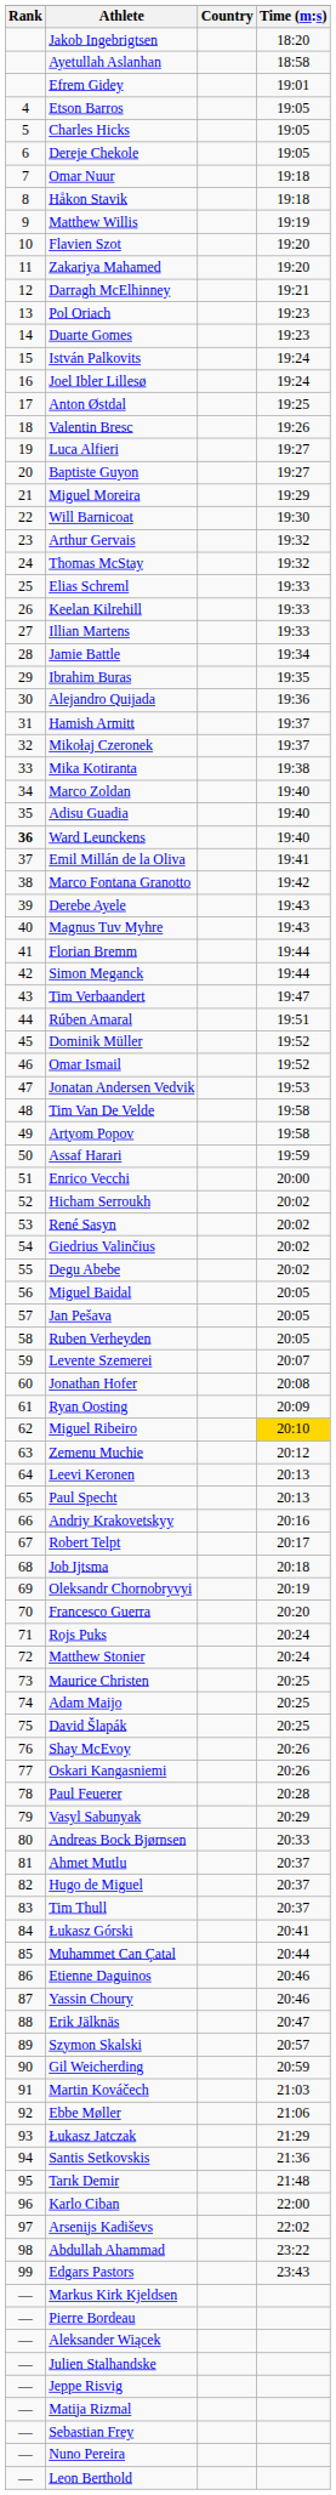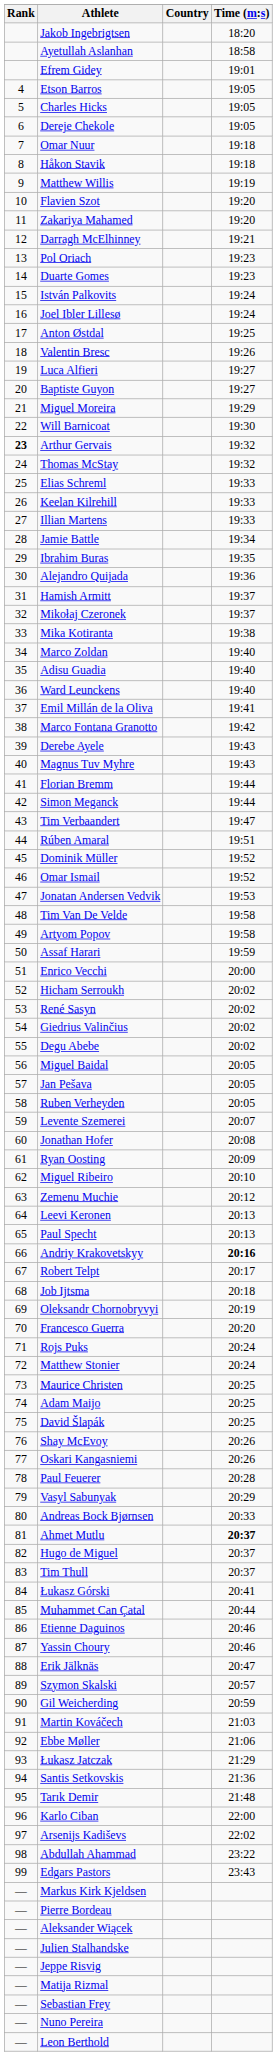 <table class="wikitable sortable" style="text-align:center;">
 <tr>
 </tr>
 <tr>
 <th>Rank</th>
 <th>Athlete</th>
 <th>Country</th>
 <th>Time (<a href='#'>m</a>:<a href='#'>s</a>)</th>
 </tr>
 <tr>
 <td></td>
 <td align=left><a href='#'>Jakob Ingebrigtsen</a></td>
 <td align=left></td>
 <td>18:20</td>
 </tr>
 <tr>
 <td></td>
 <td align=left><a href='#'>Ayetullah Aslanhan</a></td>
 <td align=left></td>
 <td>18:58</td>
 </tr>
 <tr>
 <td></td>
 <td align=left><a href='#'>Efrem Gidey</a></td>
 <td align=left></td>
 <td>19:01</td>
 </tr>
 <tr>
 <td>4</td>
 <td align=left><a href='#'>Etson Barros</a></td>
 <td align=left></td>
 <td>19:05</td>
 </tr>
 <tr>
 <td>5</td>
 <td align=left><a href='#'>Charles Hicks</a></td>
 <td align=left></td>
 <td>19:05</td>
 </tr>
 <tr>
 <td>6</td>
 <td align=left><a href='#'>Dereje Chekole</a></td>
 <td align=left></td>
 <td>19:05</td>
 </tr>
 <tr>
 <td>7</td>
 <td align=left><a href='#'>Omar Nuur</a></td>
 <td align=left></td>
 <td>19:18</td>
 </tr>
 <tr>
 <td>8</td>
 <td align=left><a href='#'>Håkon Stavik</a></td>
 <td align=left></td>
 <td>19:18</td>
 </tr>
 <tr>
 <td>9</td>
 <td align=left><a href='#'>Matthew Willis</a></td>
 <td align=left></td>
 <td>19:19</td>
 </tr>
 <tr>
 <td>10</td>
 <td align=left><a href='#'>Flavien Szot</a></td>
 <td align=left></td>
 <td>19:20</td>
 </tr>
 <tr>
 <td>11</td>
 <td align=left><a href='#'>Zakariya Mahamed</a></td>
 <td align=left></td>
 <td>19:20</td>
 </tr>
 <tr>
 <td>12</td>
 <td align=left><a href='#'>Darragh McElhinney</a></td>
 <td align=left></td>
 <td>19:21</td>
 </tr>
 <tr>
 <td>13</td>
 <td align=left><a href='#'>Pol Oriach</a></td>
 <td align=left></td>
 <td>19:23</td>
 </tr>
 <tr>
 <td>14</td>
 <td align=left><a href='#'>Duarte Gomes</a></td>
 <td align=left></td>
 <td>19:23</td>
 </tr>
 <tr>
 <td>15</td>
 <td align=left><a href='#'>István Palkovits</a></td>
 <td align=left></td>
 <td>19:24</td>
 </tr>
 <tr>
 <td>16</td>
 <td align=left><a href='#'>Joel Ibler Lillesø</a></td>
 <td align=left></td>
 <td>19:24</td>
 </tr>
 <tr>
 <td>17</td>
 <td align=left><a href='#'>Anton Østdal</a></td>
 <td align=left></td>
 <td>19:25</td>
 </tr>
 <tr>
 <td>18</td>
 <td align=left><a href='#'>Valentin Bresc</a></td>
 <td align=left></td>
 <td>19:26</td>
 </tr>
 <tr>
 <td>19</td>
 <td align=left><a href='#'>Luca Alfieri</a></td>
 <td align=left></td>
 <td>19:27</td>
 </tr>
 <tr>
 <td>20</td>
 <td align=left><a href='#'>Baptiste Guyon</a></td>
 <td align=left></td>
 <td>19:27</td>
 </tr>
 <tr>
 <td>21</td>
 <td align=left><a href='#'>Miguel Moreira</a></td>
 <td align=left></td>
 <td>19:29</td>
 </tr>
 <tr>
 <td>22</td>
 <td align=left><a href='#'>Will Barnicoat</a></td>
 <td align=left></td>
 <td>19:30</td>
 </tr>
 <tr>
-<td>23</td>
+<td><strong>23</strong></td>
 <td align=left><a href='#'>Arthur Gervais</a></td>
 <td align=left></td>
 <td>19:32</td>
 </tr>
 <tr>
 <td>24</td>
 <td align=left><a href='#'>Thomas McStay</a></td>
 <td align=left></td>
 <td>19:32</td>
 </tr>
 <tr>
 <td>25</td>
 <td align=left><a href='#'>Elias Schreml</a></td>
 <td align=left></td>
 <td>19:33</td>
 </tr>
 <tr>
 <td>26</td>
 <td align=left><a href='#'>Keelan Kilrehill</a></td>
 <td align=left></td>
 <td>19:33</td>
 </tr>
 <tr>
 <td>27</td>
 <td align=left><a href='#'>Illian Martens</a></td>
 <td align=left></td>
 <td>19:33</td>
 </tr>
 <tr>
 <td>28</td>
 <td align=left><a href='#'>Jamie Battle</a></td>
 <td align=left></td>
 <td>19:34</td>
 </tr>
 <tr>
 <td>29</td>
 <td align=left><a href='#'>Ibrahim Buras</a></td>
 <td align=left></td>
 <td>19:35</td>
 </tr>
 <tr>
 <td>30</td>
 <td align=left><a href='#'>Alejandro Quijada</a></td>
 <td align=left></td>
 <td>19:36</td>
 </tr>
 <tr>
 <td>31</td>
 <td align=left><a href='#'>Hamish Armitt</a></td>
 <td align=left></td>
 <td>19:37</td>
 </tr>
 <tr>
 <td>32</td>
 <td align=left><a href='#'>Mikołaj Czeronek</a></td>
 <td align=left></td>
 <td>19:37</td>
 </tr>
 <tr>
 <td>33</td>
 <td align=left><a href='#'>Mika Kotiranta</a></td>
 <td align=left></td>
 <td>19:38</td>
 </tr>
 <tr>
 <td>34</td>
 <td align=left><a href='#'>Marco Zoldan</a></td>
 <td align=left></td>
 <td>19:40</td>
 </tr>
 <tr>
 <td>35</td>
 <td align=left><a href='#'>Adisu Guadia</a></td>
 <td align=left></td>
 <td>19:40</td>
 </tr>
 <tr>
-<td><strong>36</strong></td>
+<td>36</td>
 <td align=left><a href='#'>Ward Leunckens</a></td>
 <td align=left></td>
 <td>19:40</td>
 </tr>
 <tr>
 <td>37</td>
 <td align=left><a href='#'>Emil Millán de la Oliva</a></td>
 <td align=left></td>
 <td>19:41</td>
 </tr>
 <tr>
 <td>38</td>
 <td align=left><a href='#'>Marco Fontana Granotto</a></td>
 <td align=left></td>
 <td>19:42</td>
 </tr>
 <tr>
 <td>39</td>
 <td align=left><a href='#'>Derebe Ayele</a></td>
 <td align=left></td>
 <td>19:43</td>
 </tr>
 <tr>
 <td>40</td>
 <td align=left><a href='#'>Magnus Tuv Myhre</a></td>
 <td align=left></td>
 <td>19:43</td>
 </tr>
 <tr>
 <td>41</td>
 <td align=left><a href='#'>Florian Bremm</a></td>
 <td align=left></td>
 <td>19:44</td>
 </tr>
 <tr>
 <td>42</td>
 <td align=left><a href='#'>Simon Meganck</a></td>
 <td align=left></td>
 <td>19:44</td>
 </tr>
 <tr>
 <td>43</td>
 <td align=left><a href='#'>Tim Verbaandert</a></td>
 <td align=left></td>
 <td>19:47</td>
 </tr>
 <tr>
 <td>44</td>
 <td align=left><a href='#'>Rúben Amaral</a></td>
 <td align=left></td>
 <td>19:51</td>
 </tr>
 <tr>
 <td>45</td>
 <td align=left><a href='#'>Dominik Müller</a></td>
 <td align=left></td>
 <td>19:52</td>
 </tr>
 <tr>
 <td>46</td>
 <td align=left><a href='#'>Omar Ismail</a></td>
 <td align=left></td>
 <td>19:52</td>
 </tr>
 <tr>
 <td>47</td>
 <td align=left><a href='#'>Jonatan Andersen Vedvik</a></td>
 <td align=left></td>
 <td>19:53</td>
 </tr>
 <tr>
 <td>48</td>
 <td align=left><a href='#'>Tim Van De Velde</a></td>
 <td align=left></td>
 <td>19:58</td>
 </tr>
 <tr>
 <td>49</td>
 <td align=left><a href='#'>Artyom Popov</a></td>
 <td align=left></td>
 <td>19:58</td>
 </tr>
 <tr>
 <td>50</td>
 <td align=left><a href='#'>Assaf Harari</a></td>
 <td align=left></td>
 <td>19:59</td>
 </tr>
 <tr>
 <td>51</td>
 <td align=left><a href='#'>Enrico Vecchi</a></td>
 <td align=left></td>
 <td>20:00</td>
 </tr>
 <tr>
 <td>52</td>
 <td align=left><a href='#'>Hicham Serroukh</a></td>
 <td align=left></td>
 <td>20:02</td>
 </tr>
 <tr>
 <td>53</td>
 <td align=left><a href='#'>René Sasyn</a></td>
 <td align=left></td>
 <td>20:02</td>
 </tr>
 <tr>
 <td>54</td>
 <td align=left><a href='#'>Giedrius Valinčius</a></td>
 <td align=left></td>
 <td>20:02</td>
 </tr>
 <tr>
 <td>55</td>
 <td align=left><a href='#'>Degu Abebe</a></td>
 <td align=left></td>
 <td>20:02</td>
 </tr>
 <tr>
 <td>56</td>
 <td align=left><a href='#'>Miguel Baidal</a></td>
 <td align=left></td>
 <td>20:05</td>
 </tr>
 <tr>
 <td>57</td>
 <td align=left><a href='#'>Jan Pešava</a></td>
 <td align=left></td>
 <td>20:05</td>
 </tr>
 <tr>
 <td>58</td>
 <td align=left><a href='#'>Ruben Verheyden</a></td>
 <td align=left></td>
 <td>20:05</td>
 </tr>
 <tr>
 <td>59</td>
 <td align=left><a href='#'>Levente Szemerei</a></td>
 <td align=left></td>
 <td>20:07</td>
 </tr>
 <tr>
 <td>60</td>
 <td align=left><a href='#'>Jonathan Hofer</a></td>
 <td align=left></td>
 <td>20:08</td>
 </tr>
 <tr>
 <td>61</td>
 <td align=left><a href='#'>Ryan Oosting</a></td>
 <td align=left></td>
 <td>20:09</td>
 </tr>
 <tr>
 <td>62</td>
 <td align=left><a href='#'>Miguel Ribeiro</a></td>
 <td align=left></td>
-<td style="background: gold;">20:10</td>
+<td>20:10</td>
 </tr>
 <tr>
 <td>63</td>
 <td align=left><a href='#'>Zemenu Muchie</a></td>
 <td align=left></td>
 <td>20:12</td>
 </tr>
 <tr>
 <td>64</td>
 <td align=left><a href='#'>Leevi Keronen</a></td>
 <td align=left></td>
 <td>20:13</td>
 </tr>
 <tr>
 <td>65</td>
 <td align=left><a href='#'>Paul Specht</a></td>
 <td align=left></td>
 <td>20:13</td>
 </tr>
 <tr>
 <td>66</td>
 <td align=left><a href='#'>Andriy Krakovetskyy</a></td>
 <td align=left></td>
-<td>20:16</td>
+<td><strong>20:16</strong></td>
 </tr>
 <tr>
 <td>67</td>
 <td align=left><a href='#'>Robert Telpt</a></td>
 <td align=left></td>
 <td>20:17</td>
 </tr>
 <tr>
 <td>68</td>
 <td align=left><a href='#'>Job Ijtsma</a></td>
 <td align=left></td>
 <td>20:18</td>
 </tr>
 <tr>
 <td>69</td>
 <td align=left><a href='#'>Oleksandr Chornobryvyi</a></td>
 <td align=left></td>
 <td>20:19</td>
 </tr>
 <tr>
 <td>70</td>
 <td align=left><a href='#'>Francesco Guerra</a></td>
 <td align=left></td>
 <td>20:20</td>
 </tr>
 <tr>
 <td>71</td>
 <td align=left><a href='#'>Rojs Puks</a></td>
 <td align=left></td>
 <td>20:24</td>
 </tr>
 <tr>
 <td>72</td>
 <td align=left><a href='#'>Matthew Stonier</a></td>
 <td align=left></td>
 <td>20:24</td>
 </tr>
 <tr>
 <td>73</td>
 <td align=left><a href='#'>Maurice Christen</a></td>
 <td align=left></td>
 <td>20:25</td>
 </tr>
 <tr>
 <td>74</td>
 <td align=left><a href='#'>Adam Maijo</a></td>
 <td align=left></td>
 <td>20:25</td>
 </tr>
 <tr>
 <td>75</td>
 <td align=left><a href='#'>David Šlapák</a></td>
 <td align=left></td>
 <td>20:25</td>
 </tr>
 <tr>
 <td>76</td>
 <td align=left><a href='#'>Shay McEvoy</a></td>
 <td align=left></td>
 <td>20:26</td>
 </tr>
 <tr>
 <td>77</td>
 <td align=left><a href='#'>Oskari Kangasniemi</a></td>
 <td align=left></td>
 <td>20:26</td>
 </tr>
 <tr>
 <td>78</td>
 <td align=left><a href='#'>Paul Feuerer</a></td>
 <td align=left></td>
 <td>20:28</td>
 </tr>
 <tr>
 <td>79</td>
 <td align=left><a href='#'>Vasyl Sabunyak</a></td>
 <td align=left></td>
 <td>20:29</td>
 </tr>
 <tr>
 <td>80</td>
 <td align=left><a href='#'>Andreas Bock Bjørnsen</a></td>
 <td align=left></td>
 <td>20:33</td>
 </tr>
 <tr>
 <td>81</td>
 <td align=left><a href='#'>Ahmet Mutlu</a></td>
 <td align=left></td>
-<td>20:37</td>
+<td><strong>20:37</strong></td>
 </tr>
 <tr>
 <td>82</td>
 <td align=left><a href='#'>Hugo de Miguel</a></td>
 <td align=left></td>
 <td>20:37</td>
 </tr>
 <tr>
 <td>83</td>
 <td align=left><a href='#'>Tim Thull</a></td>
 <td align=left></td>
 <td>20:37</td>
 </tr>
 <tr>
 <td>84</td>
 <td align=left><a href='#'>Łukasz Górski</a></td>
 <td align=left></td>
 <td>20:41</td>
 </tr>
 <tr>
 <td>85</td>
 <td align=left><a href='#'>Muhammet Can Çatal</a></td>
 <td align=left></td>
 <td>20:44</td>
 </tr>
 <tr>
 <td>86</td>
 <td align=left><a href='#'>Etienne Daguinos</a></td>
 <td align=left></td>
 <td>20:46</td>
 </tr>
 <tr>
 <td>87</td>
 <td align=left><a href='#'>Yassin Choury</a></td>
 <td align=left></td>
 <td>20:46</td>
 </tr>
 <tr>
 <td>88</td>
 <td align=left><a href='#'>Erik Jälknäs</a></td>
 <td align=left></td>
 <td>20:47</td>
 </tr>
 <tr>
 <td>89</td>
 <td align=left><a href='#'>Szymon Skalski</a></td>
 <td align=left></td>
 <td>20:57</td>
 </tr>
 <tr>
 <td>90</td>
 <td align=left><a href='#'>Gil Weicherding</a></td>
 <td align=left></td>
 <td>20:59</td>
 </tr>
 <tr>
 <td>91</td>
 <td align=left><a href='#'>Martin Kováčech</a></td>
 <td align=left></td>
 <td>21:03</td>
 </tr>
 <tr>
 <td>92</td>
 <td align=left><a href='#'>Ebbe Møller</a></td>
 <td align=left></td>
 <td>21:06</td>
 </tr>
 <tr>
 <td>93</td>
 <td align=left><a href='#'>Łukasz Jatczak</a></td>
 <td align=left></td>
 <td>21:29</td>
 </tr>
 <tr>
 <td>94</td>
 <td align=left><a href='#'>Santis Setkovskis</a></td>
 <td align=left></td>
 <td>21:36</td>
 </tr>
 <tr>
 <td>95</td>
 <td align=left><a href='#'>Tarık Demir</a></td>
 <td align=left></td>
 <td>21:48</td>
 </tr>
 <tr>
 <td>96</td>
 <td align=left><a href='#'>Karlo Ciban</a></td>
 <td align=left></td>
 <td>22:00</td>
 </tr>
 <tr>
 <td>97</td>
 <td align=left><a href='#'>Arsenijs Kadiševs</a></td>
 <td align=left></td>
 <td>22:02</td>
 </tr>
 <tr>
 <td>98</td>
 <td align=left><a href='#'>Abdullah Ahammad</a></td>
 <td align=left></td>
 <td>23:22</td>
 </tr>
 <tr>
 <td>99</td>
 <td align=left><a href='#'>Edgars Pastors</a></td>
 <td align=left></td>
 <td>23:43</td>
 </tr>
 <tr>
 <td>—</td>
 <td align=left><a href='#'>Markus Kirk Kjeldsen</a></td>
 <td align=left></td>
 <td></td>
 </tr>
 <tr>
 <td>—</td>
 <td align=left><a href='#'>Pierre Bordeau</a></td>
 <td align=left></td>
 <td></td>
 </tr>
 <tr>
 <td>—</td>
 <td align=left><a href='#'>Aleksander Wiącek</a></td>
 <td align=left></td>
 <td></td>
 </tr>
 <tr>
 <td>—</td>
 <td align=left><a href='#'>Julien Stalhandske</a></td>
 <td align=left></td>
 <td></td>
 </tr>
 <tr>
 <td>—</td>
 <td align=left><a href='#'>Jeppe Risvig</a></td>
 <td align=left></td>
 <td></td>
 </tr>
 <tr>
 <td>—</td>
 <td align=left><a href='#'>Matija Rizmal</a></td>
 <td align=left></td>
 <td></td>
 </tr>
 <tr>
 <td>—</td>
 <td align=left><a href='#'>Sebastian Frey</a></td>
 <td align=left></td>
 <td></td>
 </tr>
 <tr>
 <td>—</td>
 <td align=left><a href='#'>Nuno Pereira</a></td>
 <td align=left></td>
 <td></td>
 </tr>
 <tr>
 <td>—</td>
 <td align=left><a href='#'>Leon Berthold</a></td>
 <td align=left></td>
 <td></td>
 </tr>
 </table>
